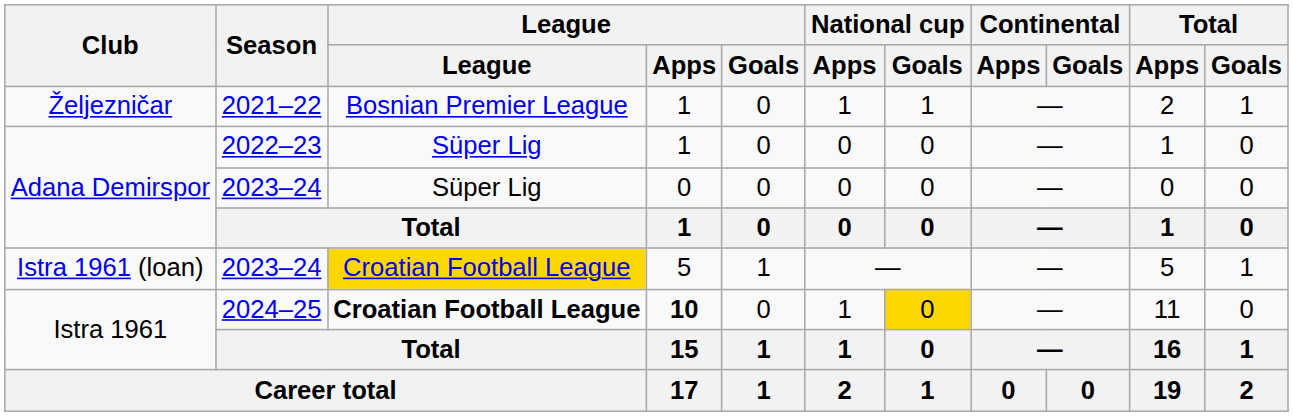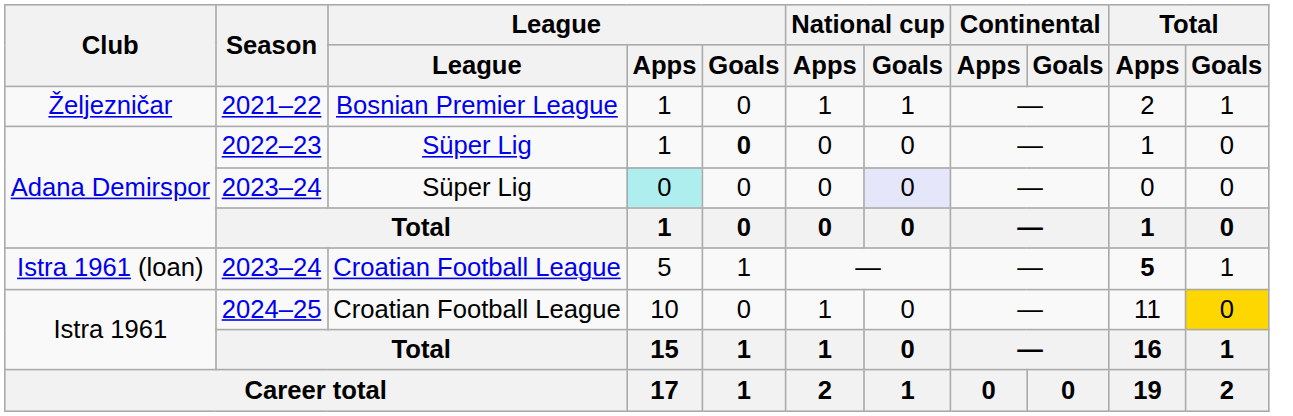 <table class="wikitable" style="text-align:center">
 <tr>
 <th rowspan=2>Club</th>
 <th rowspan=2>Season</th>
 <th colspan=3>League</th>
 <th colspan=2>National cup</th>
 <th colspan=2>Continental</th>
 <th colspan=2>Total</th>
 </tr>
 <tr>
 <th>League</th>
 <th>Apps</th>
 <th>Goals</th>
 <th>Apps</th>
 <th>Goals</th>
 <th>Apps</th>
 <th>Goals</th>
 <th>Apps</th>
 <th>Goals</th>
 </tr>
 <tr>
 <td><a href='#'>Željezničar</a></td>
 <td><a href='#'>2021–22</a></td>
 <td><a href='#'>Bosnian Premier League</a></td>
 <td>1</td>
 <td>0</td>
 <td>1</td>
 <td>1</td>
 <td colspan=2>—</td>
 <td>2</td>
 <td>1</td>
 </tr>
 <tr>
 <td rowspan=3><a href='#'>Adana Demirspor</a></td>
 <td><a href='#'>2022–23</a></td>
 <td><a href='#'>Süper Lig</a></td>
 <td>1</td>
-<td>0</td>
+<td><strong>0</strong></td>
 <td>0</td>
 <td>0</td>
 <td colspan=2>—</td>
 <td>1</td>
 <td>0</td>
 </tr>
 <tr>
 <td><a href='#'>2023–24</a></td>
 <td>Süper Lig</td>
+<td style="background: paleturquoise;">0</td>
 <td>0</td>
 <td>0</td>
-<td>0</td>
-<td>0</td>
+<td style="background: lavender;">0</td>
 <td colspan=2>—</td>
 <td>0</td>
 <td>0</td>
 </tr>
 <tr>
 <th colspan=2>Total</th>
 <th>1</th>
 <th>0</th>
 <th>0</th>
 <th>0</th>
 <th colspan=2>—</th>
 <th>1</th>
 <th>0</th>
 </tr>
 <tr>
 <td><a href='#'>Istra 1961</a> (loan)</td>
 <td><a href='#'>2023–24</a></td>
-<td style="background: gold;"><a href='#'>Croatian Football League</a></td>
+<td><a href='#'>Croatian Football League</a></td>
 <td>5</td>
 <td>1</td>
 <td colspan=2>—</td>
 <td colspan=2>—</td>
-<td>5</td>
+<td><strong>5</strong></td>
 <td>1</td>
 </tr>
 <tr>
 <td rowspan=2>Istra 1961</td>
 <td><a href='#'>2024–25</a></td>
-<td><strong>Croatian Football League</strong></td>
-<td><strong>10</strong></td>
+<td>Croatian Football League</td>
+<td>10</td>
 <td>0</td>
 <td>1</td>
-<td style="background: gold;">0</td>
+<td>0</td>
 <td colspan=2>—</td>
 <td>11</td>
-<td>0</td>
+<td style="background: gold;">0</td>
 </tr>
 <tr>
 <th colspan=2>Total</th>
 <th>15</th>
 <th>1</th>
 <th>1</th>
 <th>0</th>
 <th colspan=2>—</th>
 <th>16</th>
 <th>1</th>
 </tr>
 <tr>
 <th colspan=3>Career total</th>
 <th>17</th>
 <th>1</th>
 <th>2</th>
 <th>1</th>
 <th>0</th>
 <th>0</th>
 <th>19</th>
 <th>2</th>
 </tr>
 </table>
